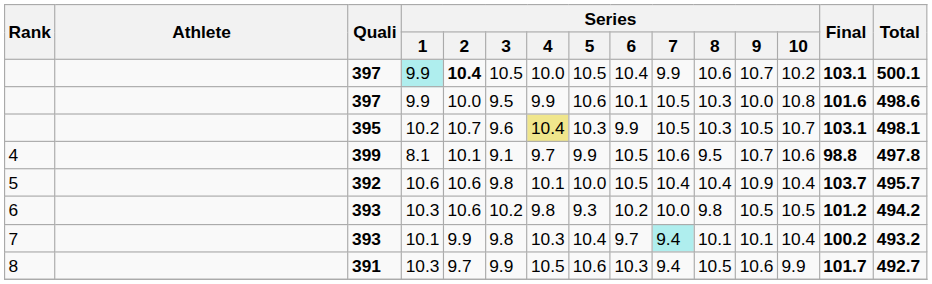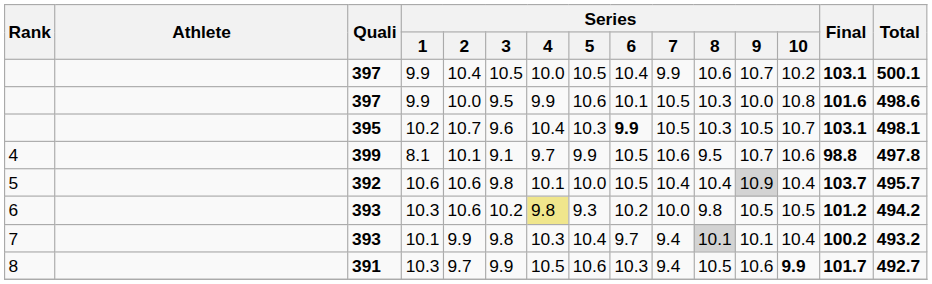 <table class="wikitable" style="font-size:95%" style="width:35em;" style="text-align:center">
 <tr>
 <th rowspan=2>Rank</th>
 <th rowspan=2 width=250>Athlete</th>
 <th rowspan=2 width=40>Quali</th>
 <th colspan=10 width=350>Series</th>
 <th rowspan=2 width=40>Final</th>
 <th rowspan=2 width=40>Total</th>
 </tr>
 <tr>
 <th>1</th>
 <th>2</th>
 <th>3</th>
 <th>4</th>
 <th>5</th>
 <th>6</th>
 <th>7</th>
 <th>8</th>
 <th>9</th>
 <th>10</th>
 </tr>
 <tr>
 <td></td>
 <td align=left></td>
 <td><strong>397</strong></td>
-<td style="background: paleturquoise;">9.9</td>
-<td><strong>10.4</strong></td>
+<td>9.9</td>
+<td>10.4</td>
 <td>10.5</td>
 <td>10.0</td>
 <td>10.5</td>
 <td>10.4</td>
 <td>9.9</td>
 <td>10.6</td>
 <td>10.7</td>
 <td>10.2</td>
 <td><strong>103.1</strong></td>
 <td><strong>500.1</strong></td>
 </tr>
 <tr>
 <td></td>
 <td align=left></td>
 <td><strong>397</strong></td>
 <td>9.9</td>
 <td>10.0</td>
 <td>9.5</td>
 <td>9.9</td>
 <td>10.6</td>
 <td>10.1</td>
 <td>10.5</td>
 <td>10.3</td>
 <td>10.0</td>
 <td>10.8</td>
 <td><strong>101.6</strong></td>
 <td><strong>498.6</strong></td>
 </tr>
 <tr>
 <td></td>
 <td align=left></td>
 <td><strong>395</strong></td>
 <td>10.2</td>
 <td>10.7</td>
 <td>9.6</td>
-<td style="background: khaki;">10.4</td>
+<td>10.4</td>
 <td>10.3</td>
-<td>9.9</td>
+<td><strong>9.9</strong></td>
 <td>10.5</td>
 <td>10.3</td>
 <td>10.5</td>
 <td>10.7</td>
 <td><strong>103.1</strong></td>
 <td><strong>498.1</strong></td>
 </tr>
 <tr>
 <td>4</td>
 <td align=left></td>
 <td><strong>399</strong></td>
 <td>8.1</td>
 <td>10.1</td>
 <td>9.1</td>
 <td>9.7</td>
 <td>9.9</td>
 <td>10.5</td>
 <td>10.6</td>
 <td>9.5</td>
 <td>10.7</td>
 <td>10.6</td>
 <td><strong>98.8</strong></td>
 <td><strong>497.8</strong></td>
 </tr>
 <tr>
 <td>5</td>
 <td align=left></td>
 <td><strong>392</strong></td>
 <td>10.6</td>
 <td>10.6</td>
 <td>9.8</td>
 <td>10.1</td>
 <td>10.0</td>
 <td>10.5</td>
 <td>10.4</td>
 <td>10.4</td>
-<td>10.9</td>
+<td style="background: lightgrey;">10.9</td>
 <td>10.4</td>
 <td><strong>103.7</strong></td>
 <td><strong>495.7</strong></td>
 </tr>
 <tr>
 <td>6</td>
 <td align=left></td>
 <td><strong>393</strong></td>
 <td>10.3</td>
 <td>10.6</td>
 <td>10.2</td>
-<td>9.8</td>
+<td style="background: khaki;">9.8</td>
 <td>9.3</td>
 <td>10.2</td>
 <td>10.0</td>
 <td>9.8</td>
 <td>10.5</td>
 <td>10.5</td>
 <td><strong>101.2</strong></td>
 <td><strong>494.2</strong></td>
 </tr>
 <tr>
 <td>7</td>
 <td align=left></td>
 <td><strong>393</strong></td>
 <td>10.1</td>
 <td>9.9</td>
 <td>9.8</td>
 <td>10.3</td>
 <td>10.4</td>
 <td>9.7</td>
-<td style="background: paleturquoise;">9.4</td>
-<td>10.1</td>
+<td>9.4</td>
+<td style="background: lightgrey;">10.1</td>
 <td>10.1</td>
 <td>10.4</td>
 <td><strong>100.2</strong></td>
 <td><strong>493.2</strong></td>
 </tr>
 <tr>
 <td>8</td>
 <td align=left></td>
 <td><strong>391</strong></td>
 <td>10.3</td>
 <td>9.7</td>
 <td>9.9</td>
 <td>10.5</td>
 <td>10.6</td>
 <td>10.3</td>
 <td>9.4</td>
 <td>10.5</td>
 <td>10.6</td>
-<td>9.9</td>
+<td><strong>9.9</strong></td>
 <td><strong>101.7</strong></td>
 <td><strong>492.7</strong></td>
 </tr>
 <tr>
 </tr>
 </table>
